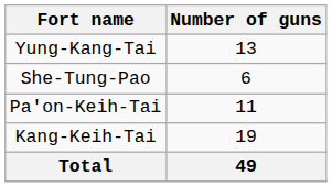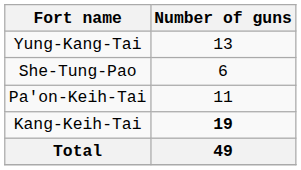 <table border="1" class="wikitable" style="text-align:center; margin: 1em auto 1em auto;">
 <tr>
 <th>Fort name</th>
 <th>Number of guns</th>
 </tr>
 <tr>
 <td>Yung-Kang-Tai</td>
 <td>13</td>
 </tr>
 <tr>
 <td>She-Tung-Pao</td>
 <td>6</td>
 </tr>
 <tr>
 <td>Pa'on-Keih-Tai</td>
 <td>11</td>
 </tr>
 <tr>
 <td>Kang-Keih-Tai</td>
-<td>19</td>
+<td><strong>19</strong></td>
 </tr>
 <tr>
 <th>Total</th>
 <th>49</th>
 </tr>
 <tr>
 </tr>
 </table>
